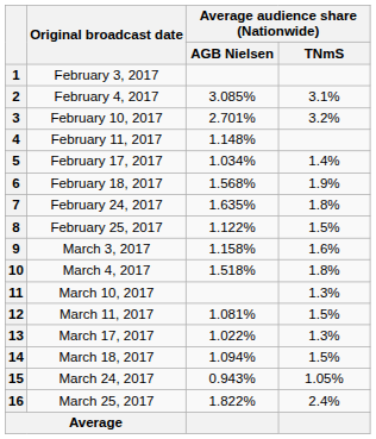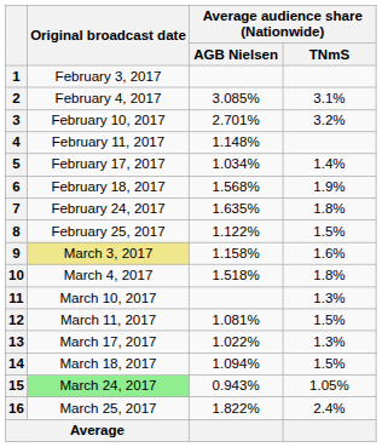 <table class="wikitable" style="text-align:center">
 <tr>
 <th rowspan="2"></th>
 <th rowspan="2">Original broadcast date</th>
 <th colspan="2">Average audience share (Nationwide)</th>
 </tr>
 <tr>
 <th width="100">AGB Nielsen</th>
 <th width="100">TNmS</th>
 </tr>
 <tr>
 <th>1</th>
 <td>February 3, 2017</td>
 <td></td>
 <td></td>
 </tr>
 <tr>
 <th>2</th>
 <td>February 4, 2017</td>
 <td>3.085%</td>
 <td>3.1%</td>
 </tr>
 <tr>
 <th>3</th>
 <td>February 10, 2017</td>
 <td>2.701%</td>
 <td>3.2%</td>
 </tr>
 <tr>
 <th>4</th>
 <td>February 11, 2017</td>
 <td>1.148%</td>
 <td></td>
 </tr>
 <tr>
 <th>5</th>
 <td>February 17, 2017</td>
 <td>1.034%</td>
 <td>1.4%</td>
 </tr>
 <tr>
 <th>6</th>
 <td>February 18, 2017</td>
 <td>1.568%</td>
 <td>1.9%</td>
 </tr>
 <tr>
 <th>7</th>
 <td>February 24, 2017</td>
 <td>1.635%</td>
 <td>1.8%</td>
 </tr>
 <tr>
 <th>8</th>
 <td>February 25, 2017</td>
 <td>1.122%</td>
 <td>1.5%</td>
 </tr>
 <tr>
 <th>9</th>
-<td>March 3, 2017</td>
+<td style="background: khaki;">March 3, 2017</td>
 <td>1.158%</td>
 <td>1.6%</td>
 </tr>
 <tr>
 <th>10</th>
 <td>March 4, 2017</td>
 <td>1.518%</td>
 <td>1.8%</td>
 </tr>
 <tr>
 <th>11</th>
 <td>March 10, 2017</td>
 <td></td>
 <td>1.3%</td>
 </tr>
 <tr>
 <th>12</th>
 <td>March 11, 2017</td>
 <td>1.081%</td>
 <td>1.5%</td>
 </tr>
 <tr>
 <th>13</th>
 <td>March 17, 2017</td>
 <td>1.022%</td>
 <td>1.3%</td>
 </tr>
 <tr>
 <th>14</th>
 <td>March 18, 2017</td>
 <td>1.094%</td>
 <td>1.5%</td>
 </tr>
 <tr>
 <th>15</th>
-<td>March 24, 2017</td>
+<td style="background: lightgreen;">March 24, 2017</td>
 <td>0.943%</td>
 <td>1.05%</td>
 </tr>
 <tr>
 <th>16</th>
 <td>March 25, 2017</td>
 <td>1.822%</td>
 <td>2.4%</td>
 </tr>
 <tr>
 <th colspan="2">Average</th>
 <th></th>
 <th></th>
 </tr>
 </table>
